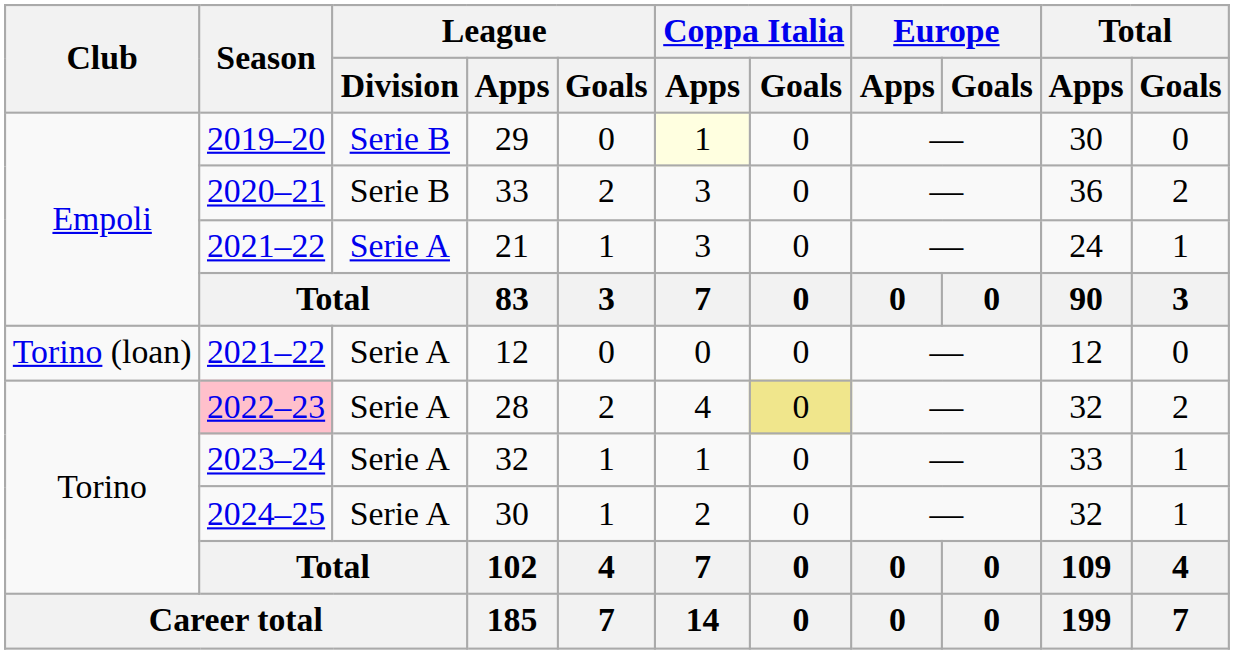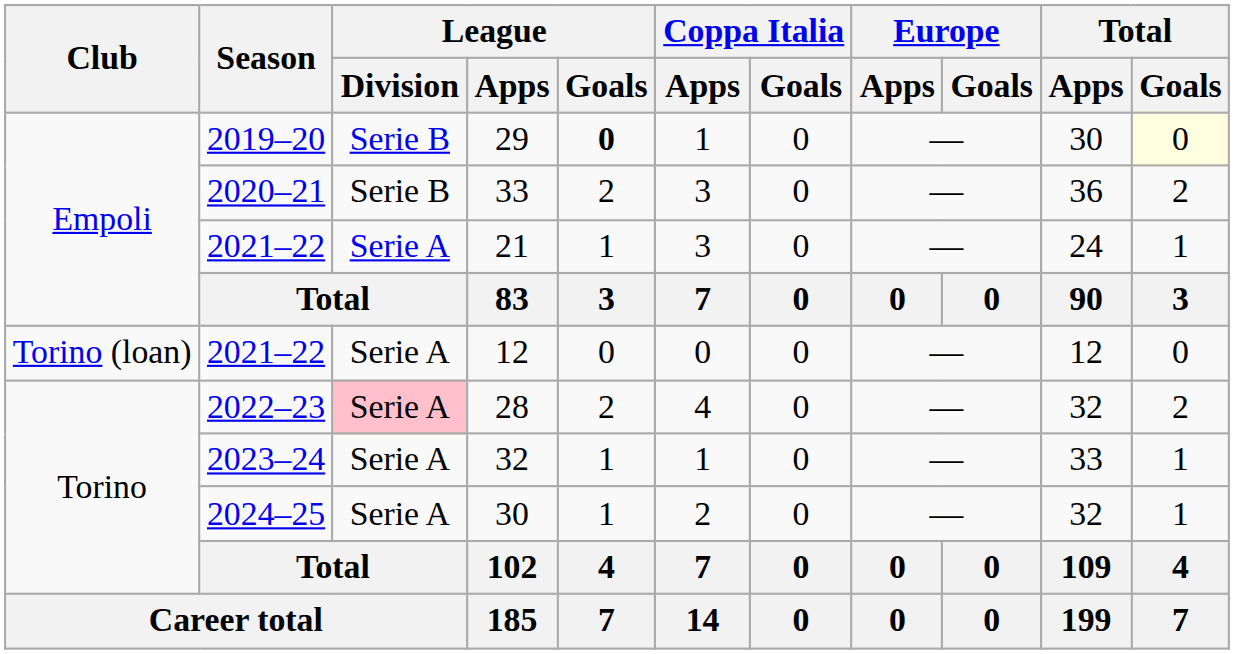 <table class="wikitable" style="text-align:center">
 <tr>
 <th rowspan="2">Club</th>
 <th rowspan="2">Season</th>
 <th colspan="3">League</th>
 <th colspan="2"><a href='#'>Coppa Italia</a></th>
 <th colspan="2"><a href='#'>Europe</a></th>
 <th colspan="2">Total</th>
 </tr>
 <tr>
 <th>Division</th>
 <th>Apps</th>
 <th>Goals</th>
 <th>Apps</th>
 <th>Goals</th>
 <th>Apps</th>
 <th>Goals</th>
 <th>Apps</th>
 <th>Goals</th>
 </tr>
 <tr>
 <td rowspan="4"><a href='#'>Empoli</a></td>
 <td><a href='#'>2019–20</a></td>
 <td><a href='#'>Serie B</a></td>
 <td>29</td>
-<td>0</td>
-<td style="background: lightyellow;">1</td>
+<td><strong>0</strong></td>
+<td>1</td>
 <td>0</td>
 <td colspan="2">—</td>
 <td>30</td>
-<td>0</td>
+<td style="background: lightyellow;">0</td>
 </tr>
 <tr>
 <td><a href='#'>2020–21</a></td>
 <td>Serie B</td>
 <td>33</td>
 <td>2</td>
 <td>3</td>
 <td>0</td>
 <td colspan="2">—</td>
 <td>36</td>
 <td>2</td>
 </tr>
 <tr>
 <td><a href='#'>2021–22</a></td>
 <td><a href='#'>Serie A</a></td>
 <td>21</td>
 <td>1</td>
 <td>3</td>
 <td>0</td>
 <td colspan="2">—</td>
 <td>24</td>
 <td>1</td>
 </tr>
 <tr>
 <th colspan="2">Total</th>
 <th>83</th>
 <th>3</th>
 <th>7</th>
 <th>0</th>
 <th>0</th>
 <th>0</th>
 <th>90</th>
 <th>3</th>
 </tr>
 <tr>
 <td><a href='#'>Torino</a> (loan)</td>
 <td><a href='#'>2021–22</a></td>
 <td>Serie A</td>
 <td>12</td>
 <td>0</td>
 <td>0</td>
 <td>0</td>
 <td colspan="2">—</td>
 <td>12</td>
 <td>0</td>
 </tr>
 <tr>
 <td rowspan="4">Torino</td>
-<td style="background: pink;"><a href='#'>2022–23</a></td>
-<td>Serie A</td>
+<td><a href='#'>2022–23</a></td>
+<td style="background: pink;">Serie A</td>
 <td>28</td>
 <td>2</td>
 <td>4</td>
-<td style="background: khaki;">0</td>
+<td>0</td>
 <td colspan="2">—</td>
 <td>32</td>
 <td>2</td>
 </tr>
 <tr>
 <td><a href='#'>2023–24</a></td>
 <td>Serie A</td>
 <td>32</td>
 <td>1</td>
 <td>1</td>
 <td>0</td>
 <td colspan="2">—</td>
 <td>33</td>
 <td>1</td>
 </tr>
 <tr>
 <td><a href='#'>2024–25</a></td>
 <td>Serie A</td>
 <td>30</td>
 <td>1</td>
 <td>2</td>
 <td>0</td>
 <td colspan="2">—</td>
 <td>32</td>
 <td>1</td>
 </tr>
 <tr>
 <th colspan="2">Total</th>
 <th>102</th>
 <th>4</th>
 <th>7</th>
 <th>0</th>
 <th>0</th>
 <th>0</th>
 <th>109</th>
 <th>4</th>
 </tr>
 <tr>
 <th colspan="3">Career total</th>
 <th>185</th>
 <th>7</th>
 <th>14</th>
 <th>0</th>
 <th>0</th>
 <th>0</th>
 <th>199</th>
 <th>7</th>
 </tr>
 </table>
